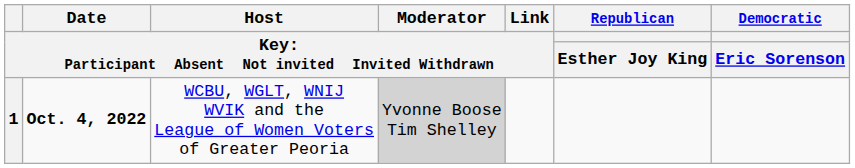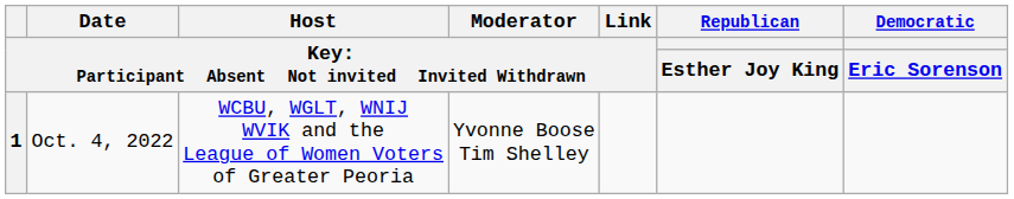 <table class="wikitable" style="text-align:center;">
 <tr>
 <th scope="col"></th>
 <th scope="col">Date</th>
 <th scope="col">Host</th>
 <th scope="col">Moderator</th>
 <th scope="col">Link</th>
 <th scope="col"><small><a href='#'>Republican</a></small></th>
 <th scope="col"><small><a href='#'>Democratic</a></small></th>
 </tr>
 <tr>
 <th colspan="5" rowspan="2">Key:<br> <small>Participant </small>  <small>Absent </small>  <small>Not invited </small>  <small>Invited  Withdrawn</small></th>
 <th scope="col" style="background:"></th>
 <th scope="col" style="background:"></th>
 </tr>
 <tr>
 <th scope="col">Esther Joy King</th>
 <th scope="col"><a href='#'>Eric Sorenson</a></th>
 </tr>
 <tr>
 <th>1</th>
-<td style="white-space:nowrap;"><strong>Oct. 4, 2022</strong></td>
+<td style="white-space:nowrap;">Oct. 4, 2022</td>
 <td style="white-space:nowrap;"><a href='#'>WCBU</a>, <a href='#'>WGLT</a>, <a href='#'>WNIJ</a><br><a href='#'>WVIK</a> and the<br><a href='#'>League of Women Voters</a><br>of Greater Peoria</td>
-<td style="background: lightgrey; white-space:nowrap;">Yvonne Boose<br>Tim Shelley</td>
+<td style="white-space:nowrap;">Yvonne Boose<br>Tim Shelley</td>
 <td style="white-space:nowrap;"></td>
 <td></td>
 <td></td>
 </tr>
 </table>
